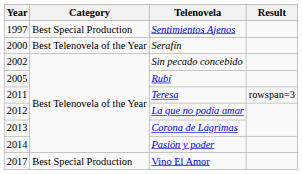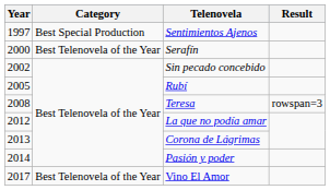 <table class="wikitable">
 <tr style="background:#b0c4de;">
 <th>Year</th>
 <th>Category</th>
 <th>Telenovela</th>
 <th>Result</th>
 </tr>
 <tr>
 <td>1997</td>
 <td>Best Special Production</td>
 <td><em><a href='#'>Sentimientos Ajenos</a></em></td>
 <td></td>
 </tr>
 <tr>
 <td>2000</td>
 <td>Best Telenovela of the Year</td>
 <td><em>Serafín</em></td>
 <td></td>
 </tr>
 <tr>
 <td>2002</td>
 <td rowspan=6>Best Telenovela of the Year</td>
 <td><em>Sin pecado concebido</em></td>
 <td></td>
 </tr>
 <tr>
 <td>2005</td>
 <td><em><a href='#'>Rubí</a></em></td>
 <td></td>
 </tr>
 <tr>
-<td>2011</td>
+<td>2008</td>
 <td><em><a href='#'>Teresa</a></em></td>
 <td>rowspan=3 </td>
 </tr>
 <tr>
 <td>2012</td>
 <td><em><a href='#'>La que no podía amar</a></em></td>
 </tr>
 <tr>
 <td>2013</td>
 <td><em><a href='#'>Corona de Lágrimas</a></em></td>
 </tr>
 <tr>
 <td>2014</td>
 <td><em><a href='#'>Pasión y poder</a></em></td>
 <td></td>
 </tr>
 <tr>
 <td>2017</td>
-<td>Best Special Production</td>
+<td>Best Telenovela of the Year</td>
 <td><a href='#'>Vino El Amor</a></td>
 <td></td>
 </tr>
 </table>
